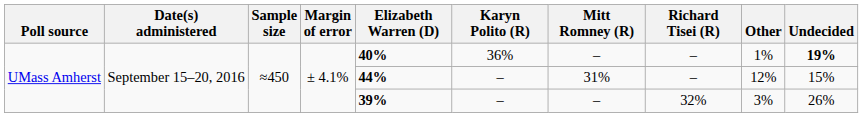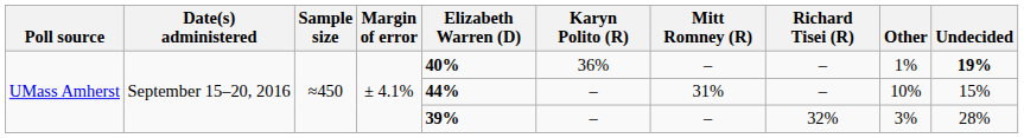 <table class="wikitable">
 <tr valign=bottom>
 <th>Poll source</th>
 <th>Date(s)<br>administered</th>
 <th>Sample<br>size</th>
 <th>Margin<br>of error</th>
 <th style="width:100px;">Elizabeth<br>Warren (D)</th>
 <th style="width:100px;">Karyn<br>Polito (R)</th>
 <th style="width:100px;">Mitt<br>Romney (R)</th>
 <th style="width:100px;">Richard<br>Tisei (R)</th>
 <th>Other</th>
 <th>Undecided</th>
 </tr>
 <tr>
 <td rowspan=3><a href='#'>UMass Amherst</a></td>
 <td align=center rowspan=3>September 15–20, 2016</td>
 <td align=center rowspan=3>≈450</td>
 <td align=center rowspan=3>± 4.1%</td>
 <td><strong>40%</strong></td>
 <td align=center>36%</td>
 <td align=center>–</td>
 <td align=center>–</td>
 <td align=center>1%</td>
 <td align=center><strong>19%</strong></td>
 </tr>
 <tr>
 <td><strong>44%</strong></td>
 <td align=center>–</td>
 <td align=center>31%</td>
 <td align=center>–</td>
-<td align=center>12%</td>
+<td align=center>10%</td>
 <td align=center>15%</td>
 </tr>
 <tr>
 <td><strong>39%</strong></td>
 <td align=center>–</td>
 <td align=center>–</td>
 <td align=center>32%</td>
 <td align=center>3%</td>
-<td align=center>26%</td>
+<td align=center>28%</td>
 </tr>
 </table>
